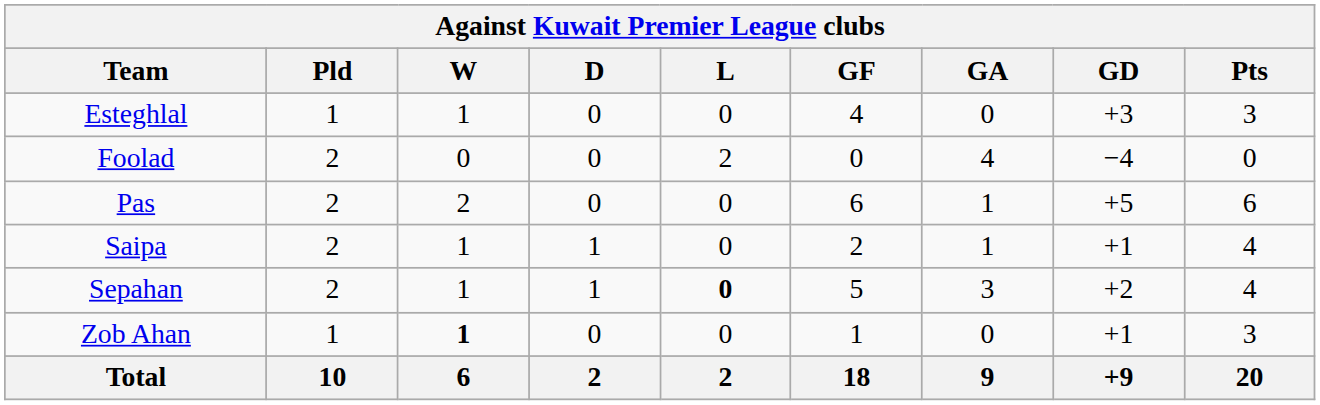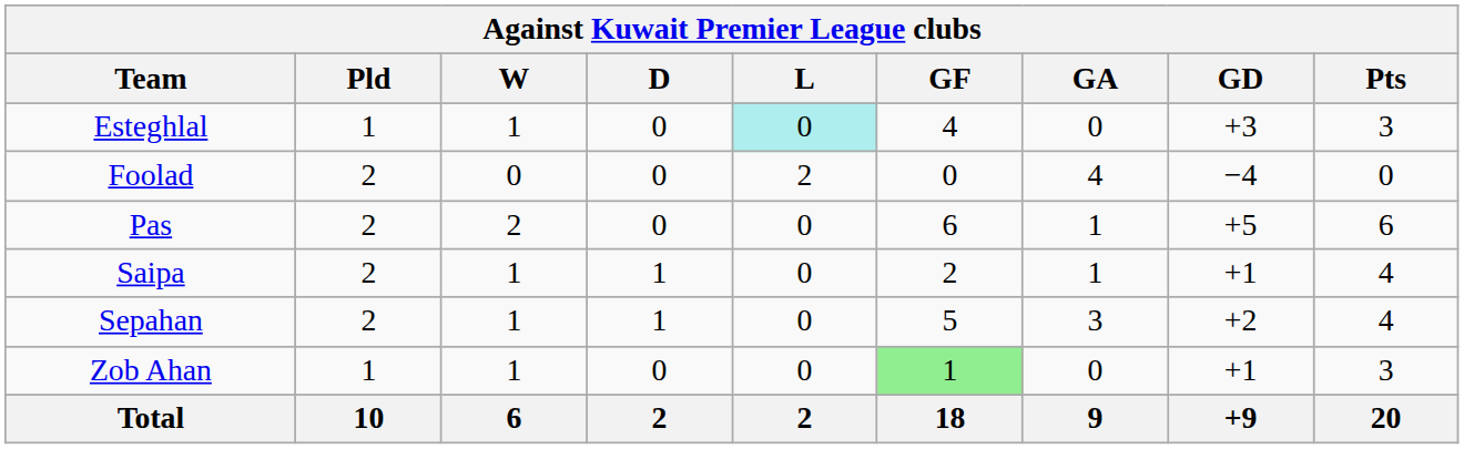 <table class="wikitable" width="60%" style="text-align:center">
 <tr>
 <th colspan="9">Against <a href='#'>Kuwait Premier League</a> clubs</th>
 </tr>
 <tr>
 <th width="10%">Team</th>
 <th width="5%">Pld</th>
 <th width="5%">W</th>
 <th width="5%">D</th>
 <th width="5%">L</th>
 <th width="5%">GF</th>
 <th width="5%">GA</th>
 <th width="5%">GD</th>
 <th width="5%">Pts</th>
 </tr>
 <tr>
 <td><a href='#'>Esteghlal</a></td>
 <td>1</td>
 <td>1</td>
 <td>0</td>
-<td>0</td>
+<td style="background: paleturquoise;">0</td>
 <td>4</td>
 <td>0</td>
 <td>+3</td>
 <td>3</td>
 </tr>
 <tr>
 <td><a href='#'>Foolad</a></td>
 <td>2</td>
 <td>0</td>
 <td>0</td>
 <td>2</td>
 <td>0</td>
 <td>4</td>
 <td>−4</td>
 <td>0</td>
 </tr>
 <tr>
 <td><a href='#'>Pas</a></td>
 <td>2</td>
 <td>2</td>
 <td>0</td>
 <td>0</td>
 <td>6</td>
 <td>1</td>
 <td>+5</td>
 <td>6</td>
 </tr>
 <tr>
 <td><a href='#'>Saipa</a></td>
 <td>2</td>
 <td>1</td>
 <td>1</td>
 <td>0</td>
 <td>2</td>
 <td>1</td>
 <td>+1</td>
 <td>4</td>
 </tr>
 <tr>
 <td><a href='#'>Sepahan</a></td>
 <td>2</td>
 <td>1</td>
 <td>1</td>
-<td><strong>0</strong></td>
+<td>0</td>
 <td>5</td>
 <td>3</td>
 <td>+2</td>
 <td>4</td>
 </tr>
 <tr>
 <td><a href='#'>Zob Ahan</a></td>
 <td>1</td>
-<td><strong>1</strong></td>
+<td>1</td>
 <td>0</td>
 <td>0</td>
-<td>1</td>
+<td style="background: lightgreen;">1</td>
 <td>0</td>
 <td>+1</td>
 <td>3</td>
 </tr>
 <tr>
 <th>Total</th>
 <th>10</th>
 <th>6</th>
 <th>2</th>
 <th>2</th>
 <th>18</th>
 <th>9</th>
 <th>+9</th>
 <th>20</th>
 </tr>
 </table>
